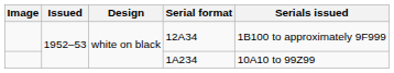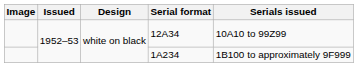 <table class=wikitable>
 <tr>
 <th>Image</th>
 <th>Issued</th>
 <th>Design</th>
 <th>Serial format</th>
 <th>Serials issued</th>
 </tr>
 <tr>
 <td><br><br></td>
 <td rowspan="2">1952–53</td>
 <td rowspan="2">white on black</td>
 <td>12A34</td>
-<td>1B100 to approximately 9F999</td>
+<td>10A10 to 99Z99</td>
 </tr>
 <tr>
 <td></td>
 <td>1A234</td>
-<td>10A10 to 99Z99</td>
+<td>1B100 to approximately 9F999</td>
 </tr>
 </table>
